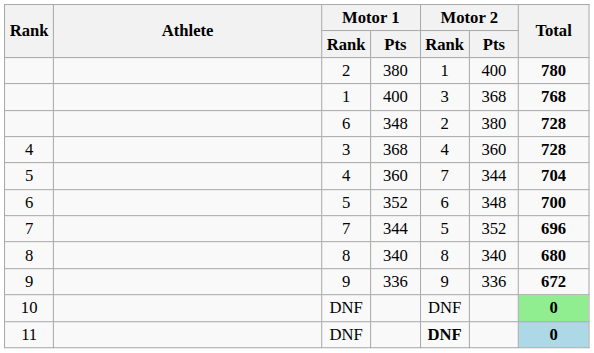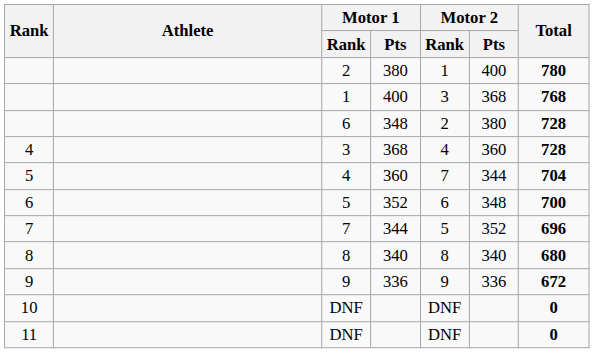 <table class=wikitable style="text-align:center">
 <tr>
 <th width=40 rowspan=2>Rank</th>
 <th width=250 rowspan=2>Athlete</th>
 <th colspan=2>Motor 1</th>
 <th colspan=2>Motor 2</th>
 <th width=60 rowspan=2>Total</th>
 </tr>
 <tr>
 <th width=40>Rank</th>
 <th width=40>Pts</th>
 <th width=40>Rank</th>
 <th width=40>Pts</th>
 </tr>
 <tr>
 <td></td>
 <td align=left></td>
 <td>2</td>
 <td>380</td>
 <td>1</td>
 <td>400</td>
 <td><strong>780</strong></td>
 </tr>
 <tr>
 <td></td>
 <td align=left></td>
 <td>1</td>
 <td>400</td>
 <td>3</td>
 <td>368</td>
 <td><strong>768</strong></td>
 </tr>
 <tr>
 <td></td>
 <td align=left></td>
 <td>6</td>
 <td>348</td>
 <td>2</td>
 <td>380</td>
 <td><strong>728</strong></td>
 </tr>
 <tr>
 <td>4</td>
 <td align=left></td>
 <td>3</td>
 <td>368</td>
 <td>4</td>
 <td>360</td>
 <td><strong>728</strong></td>
 </tr>
 <tr>
 <td>5</td>
 <td align=left></td>
 <td>4</td>
 <td>360</td>
 <td>7</td>
 <td>344</td>
 <td><strong>704</strong></td>
 </tr>
 <tr>
 <td>6</td>
 <td align=left></td>
 <td>5</td>
 <td>352</td>
 <td>6</td>
 <td>348</td>
 <td><strong>700</strong></td>
 </tr>
 <tr>
 <td>7</td>
 <td align=left></td>
 <td>7</td>
 <td>344</td>
 <td>5</td>
 <td>352</td>
 <td><strong>696</strong></td>
 </tr>
 <tr>
 <td>8</td>
 <td align=left></td>
 <td>8</td>
 <td>340</td>
 <td>8</td>
 <td>340</td>
 <td><strong>680</strong></td>
 </tr>
 <tr>
 <td>9</td>
 <td align=left></td>
 <td>9</td>
 <td>336</td>
 <td>9</td>
 <td>336</td>
 <td><strong>672</strong></td>
 </tr>
 <tr>
 <td>10</td>
 <td align=left></td>
 <td>DNF</td>
 <td></td>
 <td>DNF</td>
 <td></td>
-<td style="background: lightgreen;"><strong>0</strong></td>
+<td><strong>0</strong></td>
 </tr>
 <tr>
 <td>11</td>
 <td align=left></td>
 <td>DNF</td>
 <td></td>
-<td><strong>DNF</strong></td>
+<td>DNF</td>
 <td></td>
-<td style="background: lightblue;"><strong>0</strong></td>
+<td><strong>0</strong></td>
 </tr>
 </table>
